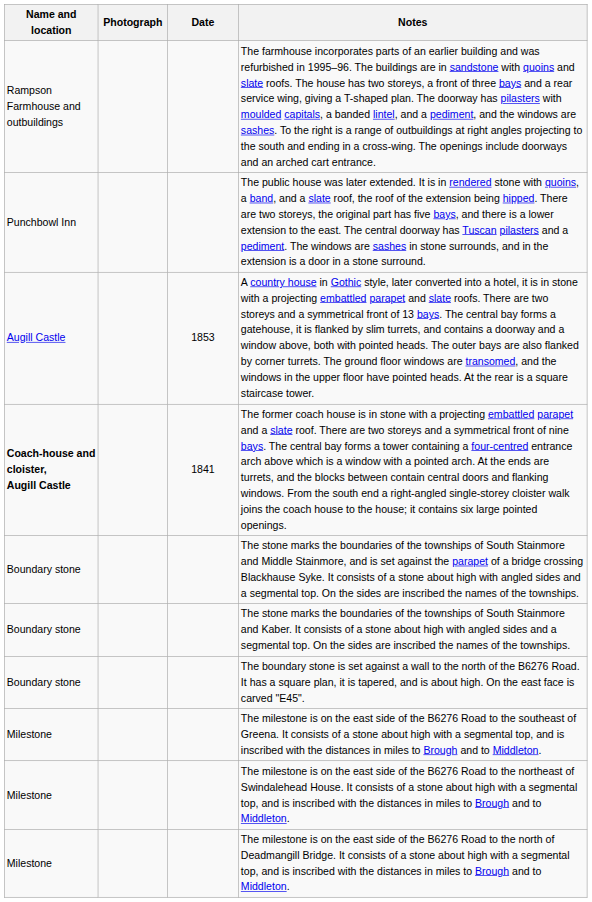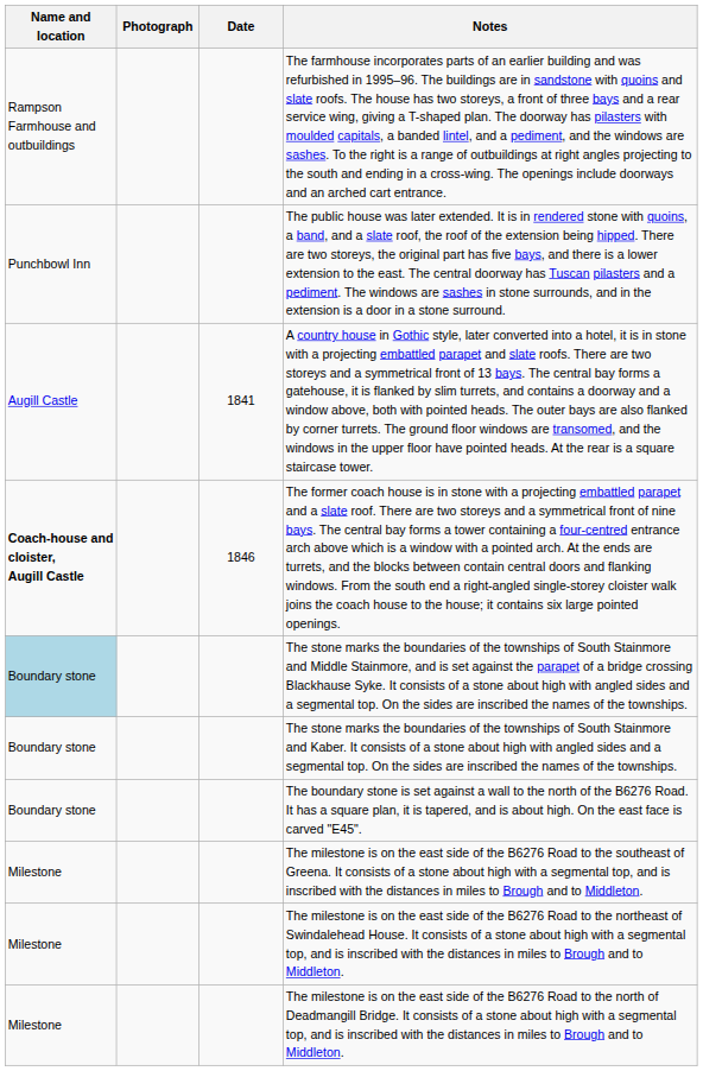 <table class="wikitable sortable plainrowheaders" style="width:100%;border:0px;text-align:left;line-height:150%;">
 <tr>
 <th scope="col"  style="width:150px">Name and location</th>
 <th scope="col"  style="width:100px" class="unsortable">Photograph</th>
 <th scope="col"  style="width:120px">Date</th>
 <th scope="col"  style="width:650px" class="unsortable">Notes</th>
 </tr>
 <tr>
 <td>Rampson Farmhouse and outbuildings<br><small></small></td>
 <td></td>
 <td align="center"></td>
 <td>The farmhouse incorporates parts of an earlier building and was refurbished in 1995–96.  The buildings are in <a href='#'>sandstone</a> with <a href='#'>quoins</a> and <a href='#'>slate</a> roofs.  The house has two storeys, a front of three <a href='#'>bays</a> and a rear service wing, giving a T-shaped plan.  The doorway has <a href='#'>pilasters</a> with <a href='#'>moulded</a> <a href='#'>capitals</a>, a banded <a href='#'>lintel</a>, and a <a href='#'>pediment</a>, and the windows are <a href='#'>sashes</a>.  To the right is a range of outbuildings at right angles projecting to the south and ending in a cross-wing.  The openings include doorways and an arched cart entrance.</td>
 </tr>
 <tr>
 <td>Punchbowl Inn<br><small></small></td>
 <td></td>
 <td align="center"></td>
 <td>The public house was later extended.  It is in <a href='#'>rendered</a> stone with <a href='#'>quoins</a>, a <a href='#'>band</a>, and a <a href='#'>slate</a> roof, the roof of the extension being <a href='#'>hipped</a>.  There are two storeys, the original part has five <a href='#'>bays</a>, and there is a lower extension to the east.  The central doorway has <a href='#'>Tuscan</a> <a href='#'>pilasters</a> and a <a href='#'>pediment</a>.  The windows are <a href='#'>sashes</a> in stone surrounds, and in the extension is a door in a stone surround.</td>
 </tr>
 <tr>
 <td><a href='#'>Augill Castle</a><br><small></small></td>
 <td></td>
-<td align="center">1853</td>
+<td align="center">1841</td>
 <td>A <a href='#'>country house</a> in <a href='#'>Gothic</a> style, later converted into a hotel, it is in stone with a projecting <a href='#'>embattled</a> <a href='#'>parapet</a> and <a href='#'>slate</a> roofs.  There are two storeys and a symmetrical front of 13 <a href='#'>bays</a>.  The central bay forms a gatehouse, it is flanked by slim turrets, and contains a doorway and a window above, both with pointed heads.  The outer bays are also flanked by corner turrets.  The ground floor windows are <a href='#'>transomed</a>, and the windows in the upper floor have pointed heads.  At the rear is a square staircase tower.</td>
 </tr>
 <tr>
 <td><strong>Coach-house and cloister,<br>Augill Castle<br><small></small></strong></td>
 <td></td>
-<td align="center">1841</td>
+<td align="center">1846</td>
 <td>The former coach house is in stone with a projecting <a href='#'>embattled</a> <a href='#'>parapet</a> and a <a href='#'>slate</a> roof.  There are two storeys and a symmetrical front of nine <a href='#'>bays</a>.  The central bay forms a tower containing a <a href='#'>four-centred</a> entrance arch above which is a window with a pointed arch.  At the ends are turrets, and the blocks between contain central doors and flanking windows.  From the south end a right-angled single-storey cloister walk joins the coach house to the house; it contains six large pointed openings.</td>
 </tr>
 <tr>
-<td>Boundary stone<br><small></small></td>
+<td style="background: lightblue;">Boundary stone<br><small></small></td>
 <td></td>
 <td align="center"></td>
 <td>The stone marks the boundaries of the townships of South Stainmore and Middle Stainmore, and is set against the <a href='#'>parapet</a> of a bridge crossing Blackhause Syke.  It consists of a stone about  high with angled sides and a segmental top.  On the sides are inscribed the names of the townships.</td>
 </tr>
 <tr>
 <td>Boundary stone<br><small></small></td>
 <td></td>
 <td align="center"></td>
 <td>The stone marks the boundaries of the townships of South Stainmore and Kaber.  It consists of a stone about  high with angled sides and a segmental top.  On the sides are inscribed the names of the townships.</td>
 </tr>
 <tr>
 <td>Boundary stone<br><small></small></td>
 <td></td>
 <td align="center"></td>
 <td>The boundary stone is set against a wall to the north of the B6276 Road.  It has a square plan, it is tapered, and is about  high.  On the east face is carved "E45".</td>
 </tr>
 <tr>
 <td>Milestone<br><small></small></td>
 <td></td>
 <td align="center"></td>
 <td>The milestone is on the east side of the B6276 Road to the southeast of Greena.  It consists of a stone about  high with a segmental top, and is inscribed with the distances in miles to <a href='#'>Brough</a> and to <a href='#'>Middleton</a>.</td>
 </tr>
 <tr>
 <td>Milestone<br><small></small></td>
 <td></td>
 <td align="center"></td>
 <td>The milestone is on the east side of the B6276 Road to the northeast of Swindalehead House.  It consists of a stone about  high with a segmental top, and is inscribed with the distances in miles to <a href='#'>Brough</a> and to <a href='#'>Middleton</a>.</td>
 </tr>
 <tr>
 <td>Milestone<br><small></small></td>
 <td></td>
 <td align="center"></td>
 <td>The milestone is on the east side of the B6276 Road to the north of Deadmangill Bridge.  It consists of a stone about  high with a segmental top, and is inscribed with the distances in miles to <a href='#'>Brough</a> and to <a href='#'>Middleton</a>.</td>
 </tr>
 <tr>
 </tr>
 </table>
